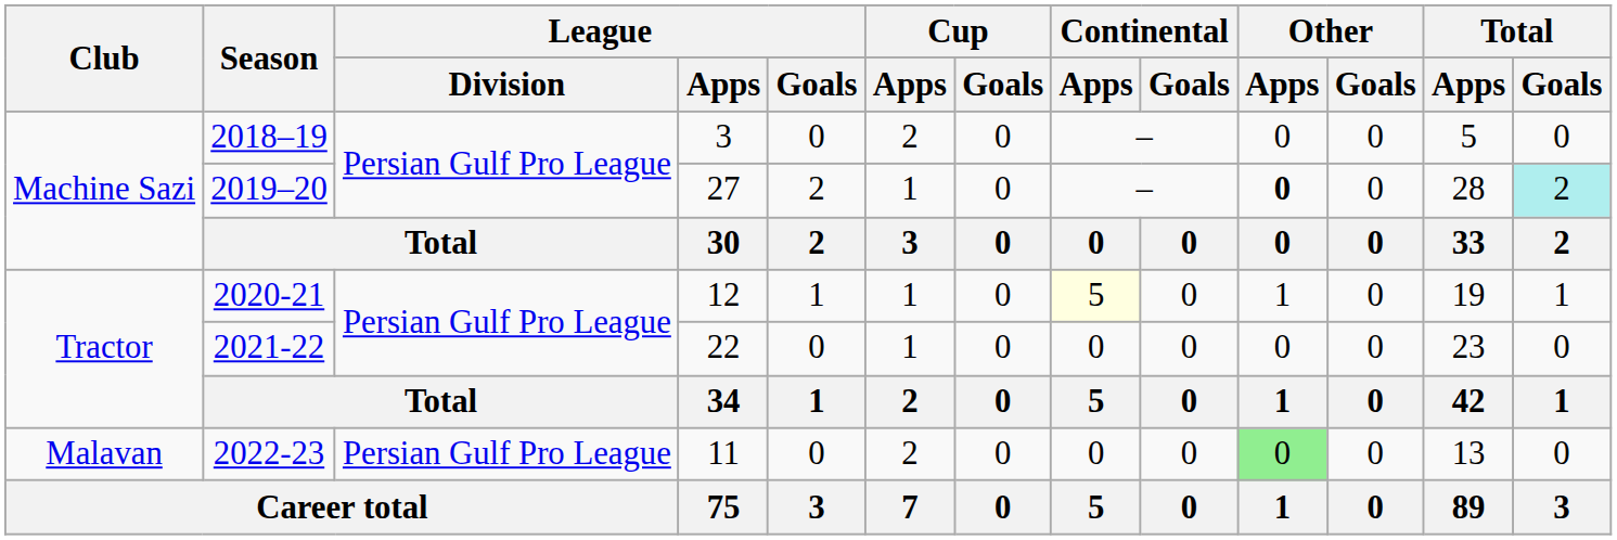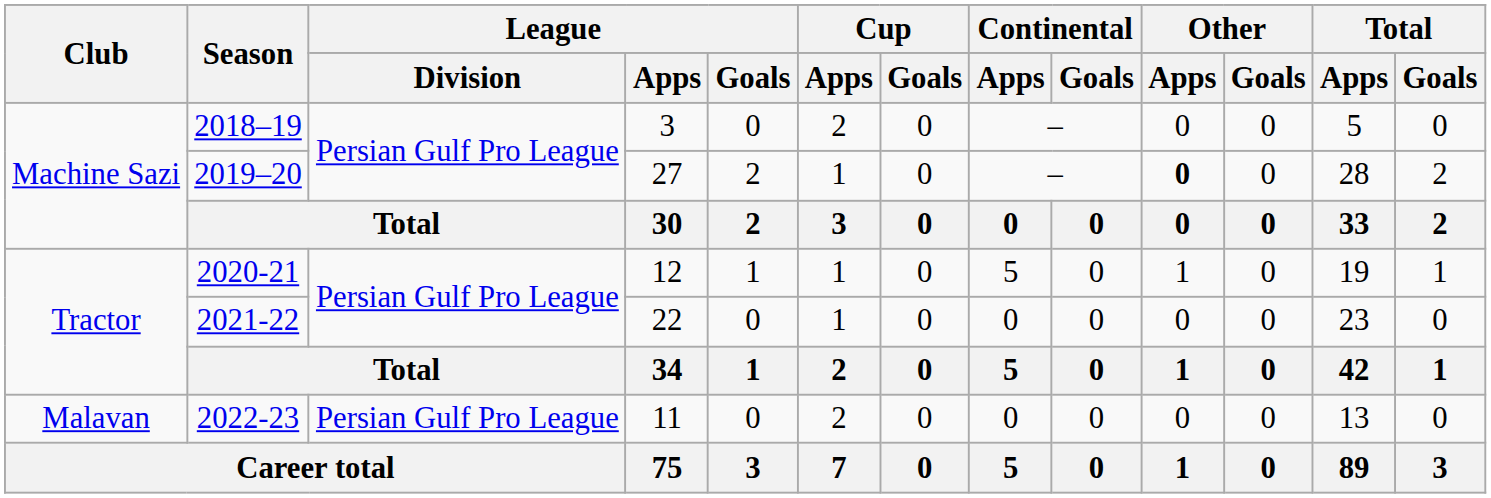 <table class="wikitable" style="text-align: center">
 <tr>
 <th rowspan="2">Club</th>
 <th rowspan="2">Season</th>
 <th colspan="3">League</th>
 <th colspan="2">Cup</th>
 <th colspan="2">Continental</th>
 <th colspan="2">Other</th>
 <th colspan="2">Total</th>
 </tr>
 <tr>
 <th>Division</th>
 <th>Apps</th>
 <th>Goals</th>
 <th>Apps</th>
 <th>Goals</th>
 <th>Apps</th>
 <th>Goals</th>
 <th>Apps</th>
 <th>Goals</th>
 <th>Apps</th>
 <th>Goals</th>
 </tr>
 <tr>
 <td rowspan="3"><a href='#'>Machine Sazi</a></td>
 <td><a href='#'>2018–19</a></td>
 <td rowspan="2"><a href='#'>Persian Gulf Pro League</a></td>
 <td>3</td>
 <td>0</td>
 <td>2</td>
 <td>0</td>
 <td colspan="2">–</td>
 <td>0</td>
 <td>0</td>
 <td>5</td>
 <td>0</td>
 </tr>
 <tr>
 <td><a href='#'>2019–20</a></td>
 <td>27</td>
 <td>2</td>
 <td>1</td>
 <td>0</td>
 <td colspan="2">–</td>
 <td><strong>0</strong></td>
 <td>0</td>
 <td>28</td>
-<td style="background: paleturquoise;">2</td>
+<td>2</td>
 </tr>
 <tr>
 <th colspan=2>Total</th>
 <th>30</th>
 <th>2</th>
 <th>3</th>
 <th>0</th>
 <th>0</th>
 <th>0</th>
 <th>0</th>
 <th>0</th>
 <th>33</th>
 <th>2</th>
 </tr>
 <tr>
 <td rowspan="3"><a href='#'>Tractor</a></td>
 <td><a href='#'>2020-21</a></td>
 <td rowspan="2"><a href='#'>Persian Gulf Pro League</a></td>
 <td>12</td>
 <td>1</td>
 <td>1</td>
 <td>0</td>
-<td style="background: lightyellow;">5</td>
+<td>5</td>
 <td>0</td>
 <td>1</td>
 <td>0</td>
 <td>19</td>
 <td>1</td>
 </tr>
 <tr>
 <td><a href='#'>2021-22</a></td>
 <td>22</td>
 <td>0</td>
 <td>1</td>
 <td>0</td>
 <td>0</td>
 <td>0</td>
 <td>0</td>
 <td>0</td>
 <td>23</td>
 <td>0</td>
 </tr>
 <tr>
 <th colspan=2>Total</th>
 <th>34</th>
 <th>1</th>
 <th>2</th>
 <th>0</th>
 <th>5</th>
 <th>0</th>
 <th>1</th>
 <th>0</th>
 <th>42</th>
 <th>1</th>
 </tr>
 <tr>
 <td><a href='#'>Malavan</a></td>
 <td><a href='#'>2022-23</a></td>
 <td><a href='#'>Persian Gulf Pro League</a></td>
 <td>11</td>
 <td>0</td>
 <td>2</td>
 <td>0</td>
 <td>0</td>
 <td>0</td>
-<td style="background: lightgreen;">0</td>
+<td>0</td>
 <td>0</td>
 <td>13</td>
 <td>0</td>
 </tr>
 <tr>
 <th colspan=3>Career total</th>
 <th>75</th>
 <th>3</th>
 <th>7</th>
 <th>0</th>
 <th>5</th>
 <th>0</th>
 <th>1</th>
 <th>0</th>
 <th>89</th>
 <th>3</th>
 </tr>
 </table>
